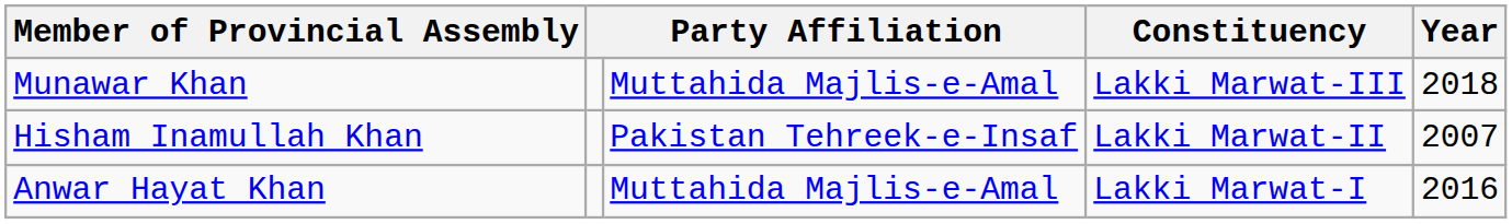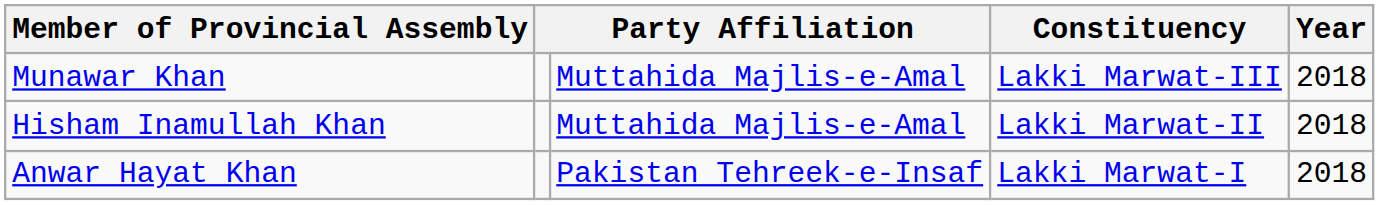 <table class="wikitable sortable">
 <tr>
 <th>Member of Provincial Assembly</th>
 <th colspan="2">Party Affiliation</th>
 <th>Constituency</th>
 <th>Year</th>
 </tr>
 <tr>
 <td><a href='#'>Munawar Khan</a></td>
 <td></td>
 <td><a href='#'>Muttahida Majlis-e-Amal</a></td>
 <td><a href='#'>Lakki Marwat-III</a></td>
 <td>2018</td>
 </tr>
 <tr>
 <td><a href='#'>Hisham Inamullah Khan</a></td>
 <td></td>
-<td><a href='#'>Pakistan Tehreek-e-Insaf</a></td>
+<td><a href='#'>Muttahida Majlis-e-Amal</a></td>
 <td><a href='#'>Lakki Marwat-II</a></td>
-<td>2007</td>
+<td>2018</td>
 </tr>
 <tr>
 <td><a href='#'>Anwar Hayat Khan</a></td>
 <td></td>
-<td><a href='#'>Muttahida Majlis-e-Amal</a></td>
+<td><a href='#'>Pakistan Tehreek-e-Insaf</a></td>
 <td><a href='#'>Lakki Marwat-I</a></td>
-<td>2016</td>
+<td>2018</td>
 </tr>
 </table>
